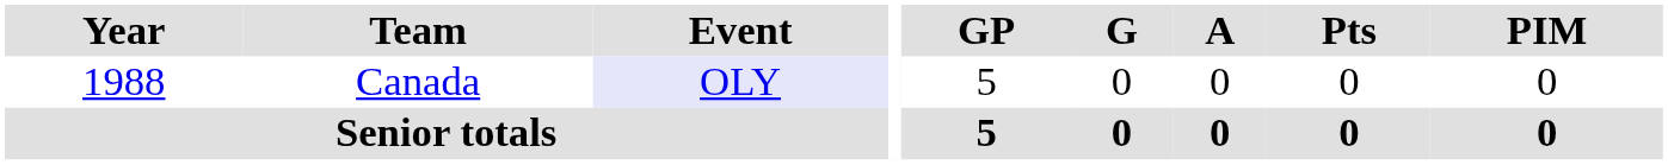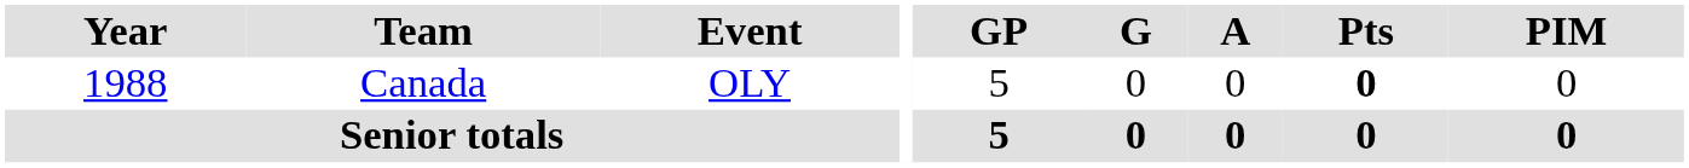 <table border="0" cellpadding="1" cellspacing="0" ID="Table3" style="text-align:center; width:40em">
 <tr bgcolor="#e0e0e0">
 <th>Year</th>
 <th>Team</th>
 <th>Event</th>
 <th rowspan="102" bgcolor="#ffffff"></th>
 <th>GP</th>
 <th>G</th>
 <th>A</th>
 <th>Pts</th>
 <th>PIM</th>
 </tr>
 <tr>
 <td><a href='#'>1988</a></td>
 <td><a href='#'>Canada</a></td>
-<td style="background: lavender;"><a href='#'>OLY</a></td>
+<td><a href='#'>OLY</a></td>
 <td>5</td>
 <td>0</td>
 <td>0</td>
-<td>0</td>
+<td><strong>0</strong></td>
 <td>0</td>
 </tr>
 <tr bgcolor="#e0e0e0">
 <th colspan="3">Senior totals</th>
 <th>5</th>
 <th>0</th>
 <th>0</th>
 <th>0</th>
 <th>0</th>
 </tr>
 </table>
